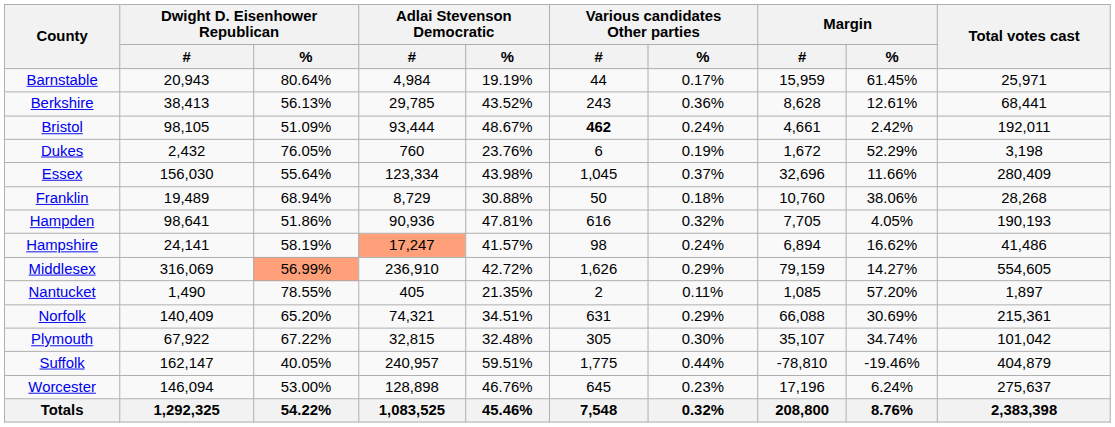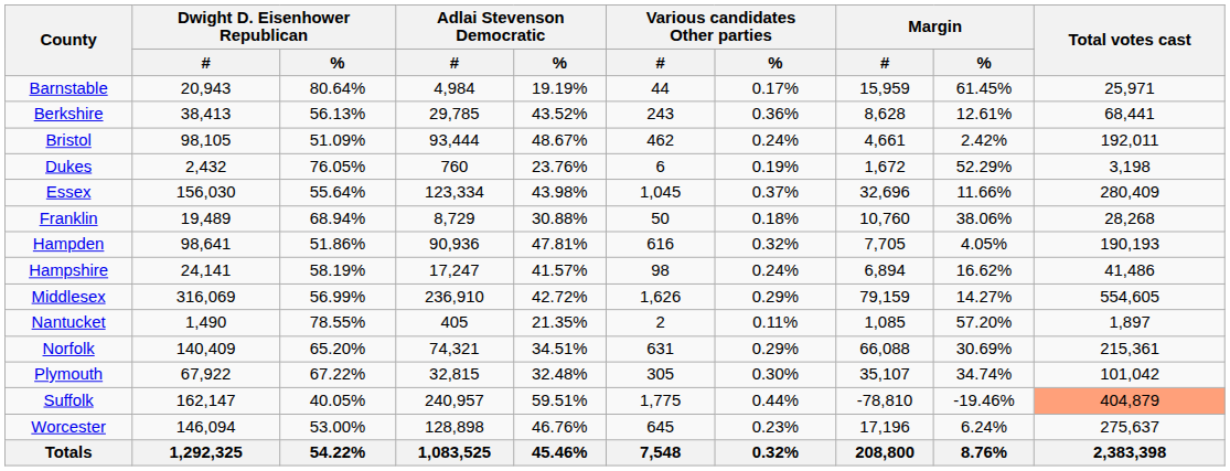 <table width="60%" class="wikitable sortable">
 <tr>
 <th rowspan="2">County</th>
 <th colspan="2">Dwight D. Eisenhower<br>Republican</th>
 <th colspan="2">Adlai Stevenson<br>Democratic</th>
 <th colspan="2">Various candidates<br>Other parties</th>
 <th colspan="2">Margin</th>
 <th rowspan="2">Total votes cast</th>
 </tr>
 <tr bgcolor="lightgrey">
 <th data-sort-type="number">#</th>
 <th data-sort-type="number">%</th>
 <th data-sort-type="number">#</th>
 <th data-sort-type="number">%</th>
 <th data-sort-type="number">#</th>
 <th data-sort-type="number">%</th>
 <th data-sort-type="number">#</th>
 <th data-sort-type="number">%</th>
 </tr>
 <tr style="text-align:center;">
 <td><a href='#'>Barnstable</a></td>
 <td>20,943</td>
 <td>80.64%</td>
 <td>4,984</td>
 <td>19.19%</td>
 <td>44</td>
 <td>0.17%</td>
 <td>15,959</td>
 <td>61.45%</td>
 <td>25,971</td>
 </tr>
 <tr style="text-align:center;">
 <td><a href='#'>Berkshire</a></td>
 <td>38,413</td>
 <td>56.13%</td>
 <td>29,785</td>
 <td>43.52%</td>
 <td>243</td>
 <td>0.36%</td>
 <td>8,628</td>
 <td>12.61%</td>
 <td>68,441</td>
 </tr>
 <tr style="text-align:center;">
 <td><a href='#'>Bristol</a></td>
 <td>98,105</td>
 <td>51.09%</td>
 <td>93,444</td>
 <td>48.67%</td>
-<td><strong>462</strong></td>
+<td>462</td>
 <td>0.24%</td>
 <td>4,661</td>
 <td>2.42%</td>
 <td>192,011</td>
 </tr>
 <tr style="text-align:center;">
 <td><a href='#'>Dukes</a></td>
 <td>2,432</td>
 <td>76.05%</td>
 <td>760</td>
 <td>23.76%</td>
 <td>6</td>
 <td>0.19%</td>
 <td>1,672</td>
 <td>52.29%</td>
 <td>3,198</td>
 </tr>
 <tr style="text-align:center;">
 <td><a href='#'>Essex</a></td>
 <td>156,030</td>
 <td>55.64%</td>
 <td>123,334</td>
 <td>43.98%</td>
 <td>1,045</td>
 <td>0.37%</td>
 <td>32,696</td>
 <td>11.66%</td>
 <td>280,409</td>
 </tr>
 <tr style="text-align:center;">
 <td><a href='#'>Franklin</a></td>
 <td>19,489</td>
 <td>68.94%</td>
 <td>8,729</td>
 <td>30.88%</td>
 <td>50</td>
 <td>0.18%</td>
 <td>10,760</td>
 <td>38.06%</td>
 <td>28,268</td>
 </tr>
 <tr style="text-align:center;">
 <td><a href='#'>Hampden</a></td>
 <td>98,641</td>
 <td>51.86%</td>
 <td>90,936</td>
 <td>47.81%</td>
 <td>616</td>
 <td>0.32%</td>
 <td>7,705</td>
 <td>4.05%</td>
 <td>190,193</td>
 </tr>
 <tr style="text-align:center;">
 <td><a href='#'>Hampshire</a></td>
 <td>24,141</td>
 <td>58.19%</td>
-<td style="background: lightsalmon;">17,247</td>
+<td>17,247</td>
 <td>41.57%</td>
 <td>98</td>
 <td>0.24%</td>
 <td>6,894</td>
 <td>16.62%</td>
 <td>41,486</td>
 </tr>
 <tr style="text-align:center;">
 <td><a href='#'>Middlesex</a></td>
 <td>316,069</td>
-<td style="background: lightsalmon;">56.99%</td>
+<td>56.99%</td>
 <td>236,910</td>
 <td>42.72%</td>
 <td>1,626</td>
 <td>0.29%</td>
 <td>79,159</td>
 <td>14.27%</td>
 <td>554,605</td>
 </tr>
 <tr style="text-align:center;">
 <td><a href='#'>Nantucket</a></td>
 <td>1,490</td>
 <td>78.55%</td>
 <td>405</td>
 <td>21.35%</td>
 <td>2</td>
 <td>0.11%</td>
 <td>1,085</td>
 <td>57.20%</td>
 <td>1,897</td>
 </tr>
 <tr style="text-align:center;">
 <td><a href='#'>Norfolk</a></td>
 <td>140,409</td>
 <td>65.20%</td>
 <td>74,321</td>
 <td>34.51%</td>
 <td>631</td>
 <td>0.29%</td>
 <td>66,088</td>
 <td>30.69%</td>
 <td>215,361</td>
 </tr>
 <tr style="text-align:center;">
 <td><a href='#'>Plymouth</a></td>
 <td>67,922</td>
 <td>67.22%</td>
 <td>32,815</td>
 <td>32.48%</td>
 <td>305</td>
 <td>0.30%</td>
 <td>35,107</td>
 <td>34.74%</td>
 <td>101,042</td>
 </tr>
 <tr style="text-align:center;">
 <td><a href='#'>Suffolk</a></td>
 <td>162,147</td>
 <td>40.05%</td>
 <td>240,957</td>
 <td>59.51%</td>
 <td>1,775</td>
 <td>0.44%</td>
 <td>-78,810</td>
 <td>-19.46%</td>
-<td>404,879</td>
+<td style="background: lightsalmon;">404,879</td>
 </tr>
 <tr style="text-align:center;">
 <td><a href='#'>Worcester</a></td>
 <td>146,094</td>
 <td>53.00%</td>
 <td>128,898</td>
 <td>46.76%</td>
 <td>645</td>
 <td>0.23%</td>
 <td>17,196</td>
 <td>6.24%</td>
 <td>275,637</td>
 </tr>
 <tr>
 <th>Totals</th>
 <th>1,292,325</th>
 <th>54.22%</th>
 <th>1,083,525</th>
 <th>45.46%</th>
 <th>7,548</th>
 <th>0.32%</th>
 <th>208,800</th>
 <th>8.76%</th>
 <th>2,383,398</th>
 </tr>
 </table>
